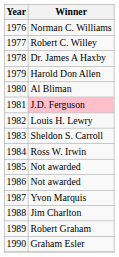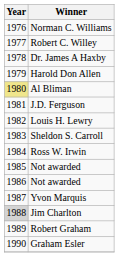 <table class="wikitable">
 <tr>
 <th>Year</th>
 <th>Winner</th>
 </tr>
 <tr>
 <td>1976</td>
 <td>Norman C. Williams</td>
 </tr>
 <tr>
 <td>1977</td>
 <td>Robert C. Willey</td>
 </tr>
 <tr>
 <td>1978</td>
 <td>Dr. James A Haxby</td>
 </tr>
 <tr>
 <td>1979</td>
 <td>Harold Don Allen</td>
 </tr>
 <tr>
-<td>1980</td>
+<td style="background: khaki;">1980</td>
 <td>Al Bliman</td>
 </tr>
 <tr>
 <td>1981</td>
-<td style="background: pink;">J.D. Ferguson</td>
+<td>J.D. Ferguson</td>
 </tr>
 <tr>
 <td>1982</td>
 <td>Louis H. Lewry</td>
 </tr>
 <tr>
 <td>1983</td>
 <td>Sheldon S. Carroll</td>
 </tr>
 <tr>
 <td>1984</td>
 <td>Ross W. Irwin</td>
 </tr>
 <tr>
 <td>1985</td>
 <td>Not awarded</td>
 </tr>
 <tr>
 <td>1986</td>
 <td>Not awarded</td>
 </tr>
 <tr>
 <td>1987</td>
 <td>Yvon Marquis</td>
 </tr>
 <tr>
-<td>1988</td>
+<td style="background: lightgrey;">1988</td>
 <td>Jim Charlton</td>
 </tr>
 <tr>
 <td>1989</td>
 <td>Robert Graham</td>
 </tr>
 <tr>
 <td>1990</td>
 <td>Graham Esler</td>
 </tr>
 <tr>
 </tr>
 </table>
